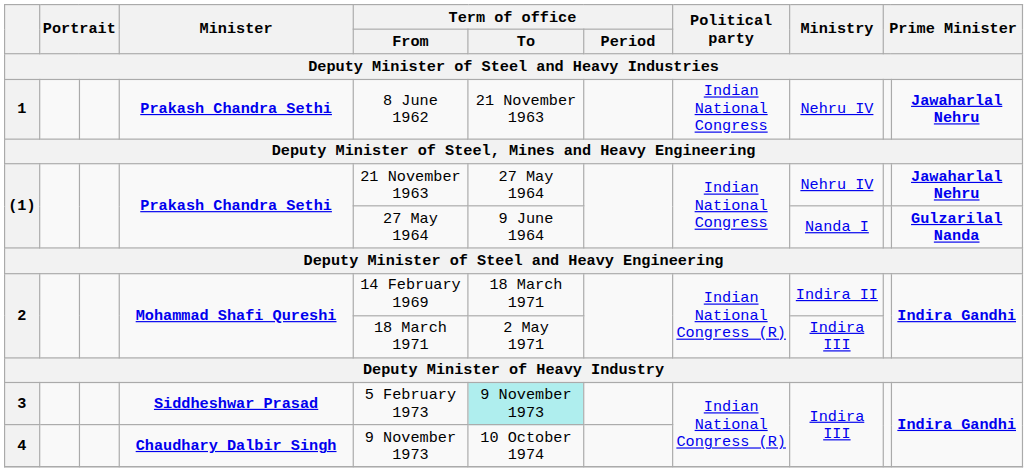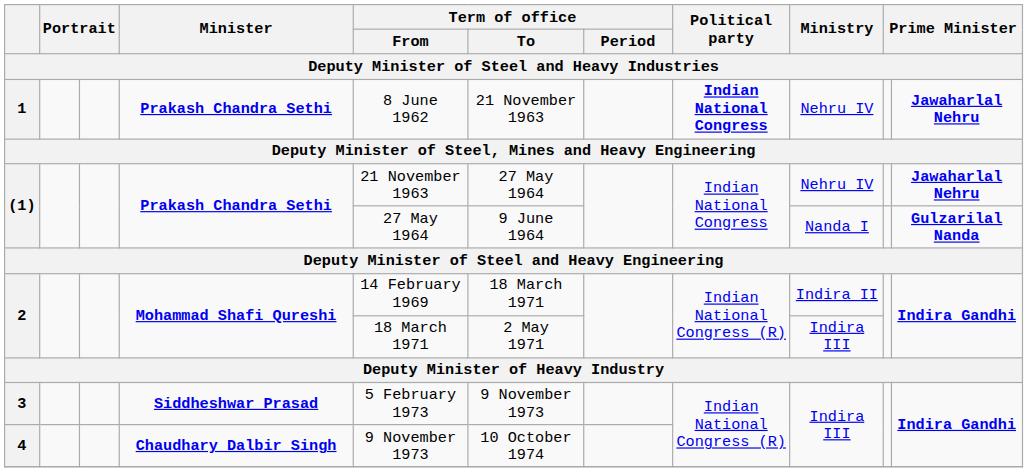 <table class="wikitable" style="text-align:center">
 <tr>
 <th rowspan="2"></th>
 <th rowspan="2" colspan="2">Portrait</th>
 <th rowspan="2" style="width:18em">Minister<br></th>
 <th colspan="3">Term of office</th>
 <th rowspan="2" style="width:8em">Political party</th>
 <th rowspan="2" style="width:6em">Ministry</th>
 <th rowspan="2" colspan="2">Prime Minister</th>
 </tr>
 <tr>
 <th style="width:8em">From</th>
 <th style="width:8em">To</th>
 <th style="width:6em">Period</th>
 </tr>
 <tr>
 <th colspan="11">Deputy Minister of Steel and Heavy Industries</th>
 </tr>
 <tr>
 <th>1</th>
 <td></td>
 <td></td>
 <td><strong><a href='#'>Prakash Chandra Sethi</a></strong><br></td>
 <td>8 June<br>1962</td>
 <td>21 November<br>1963</td>
 <td><strong></strong></td>
-<td><a href='#'>Indian National Congress</a></td>
+<td><strong><a href='#'>Indian National Congress</a></strong></td>
 <td><a href='#'>Nehru IV</a></td>
 <td></td>
 <td style="width:9em"><strong><a href='#'>Jawaharlal Nehru</a></strong></td>
 </tr>
 <tr>
 <th colspan="11">Deputy Minister of Steel, Mines and Heavy Engineering</th>
 </tr>
 <tr>
 <th rowspan="2">(1)</th>
 <td rowspan="2"></td>
 <td rowspan="2"></td>
 <td rowspan="2"><strong><a href='#'>Prakash Chandra Sethi</a></strong><br></td>
 <td>21 November<br>1963</td>
 <td>27 May<br>1964</td>
 <td rowspan="2"><strong></strong></td>
 <td rowspan="2"><a href='#'>Indian National Congress</a></td>
 <td><a href='#'>Nehru IV</a></td>
 <td></td>
 <td><strong><a href='#'>Jawaharlal Nehru</a></strong></td>
 </tr>
 <tr>
 <td>27 May<br>1964</td>
 <td>9 June<br>1964</td>
 <td><a href='#'>Nanda I</a></td>
 <td></td>
 <td><strong><a href='#'>Gulzarilal Nanda</a></strong></td>
 </tr>
 <tr>
 <th colspan="11">Deputy Minister of Steel and Heavy Engineering</th>
 </tr>
 <tr>
 <th rowspan="2">2</th>
 <td rowspan="2"></td>
 <td rowspan="2"></td>
 <td rowspan="2"><strong><a href='#'>Mohammad Shafi Qureshi</a></strong><br></td>
 <td>14 February<br>1969</td>
 <td>18 March<br>1971</td>
 <td rowspan="2"><strong></strong></td>
 <td rowspan="2"><a href='#'>Indian National Congress (R)</a></td>
 <td><a href='#'>Indira II</a></td>
 <td rowspan="2"></td>
 <td rowspan="2"><strong><a href='#'>Indira Gandhi</a></strong></td>
 </tr>
 <tr>
 <td>18 March<br>1971</td>
 <td>2 May<br>1971</td>
 <td><a href='#'>Indira III</a></td>
 </tr>
 <tr>
 <th colspan="11">Deputy Minister of Heavy Industry</th>
 </tr>
 <tr>
 <th>3</th>
 <td></td>
 <td></td>
 <td><strong><a href='#'>Siddheshwar Prasad</a></strong><br></td>
 <td>5 February<br>1973</td>
-<td style="background: paleturquoise;">9 November<br>1973</td>
+<td>9 November<br>1973</td>
 <td><strong></strong></td>
 <td rowspan="2"><a href='#'>Indian National Congress (R)</a></td>
 <td rowspan="2"><a href='#'>Indira III</a></td>
 <td rowspan="2"></td>
 <td rowspan="2"><strong><a href='#'>Indira Gandhi</a></strong></td>
 </tr>
 <tr>
 <th>4</th>
 <td></td>
 <td></td>
 <td><strong><a href='#'>Chaudhary Dalbir Singh</a></strong><br></td>
 <td>9 November<br>1973</td>
 <td>10 October<br>1974</td>
 <td><strong></strong></td>
 </tr>
 <tr>
 </tr>
 </table>
